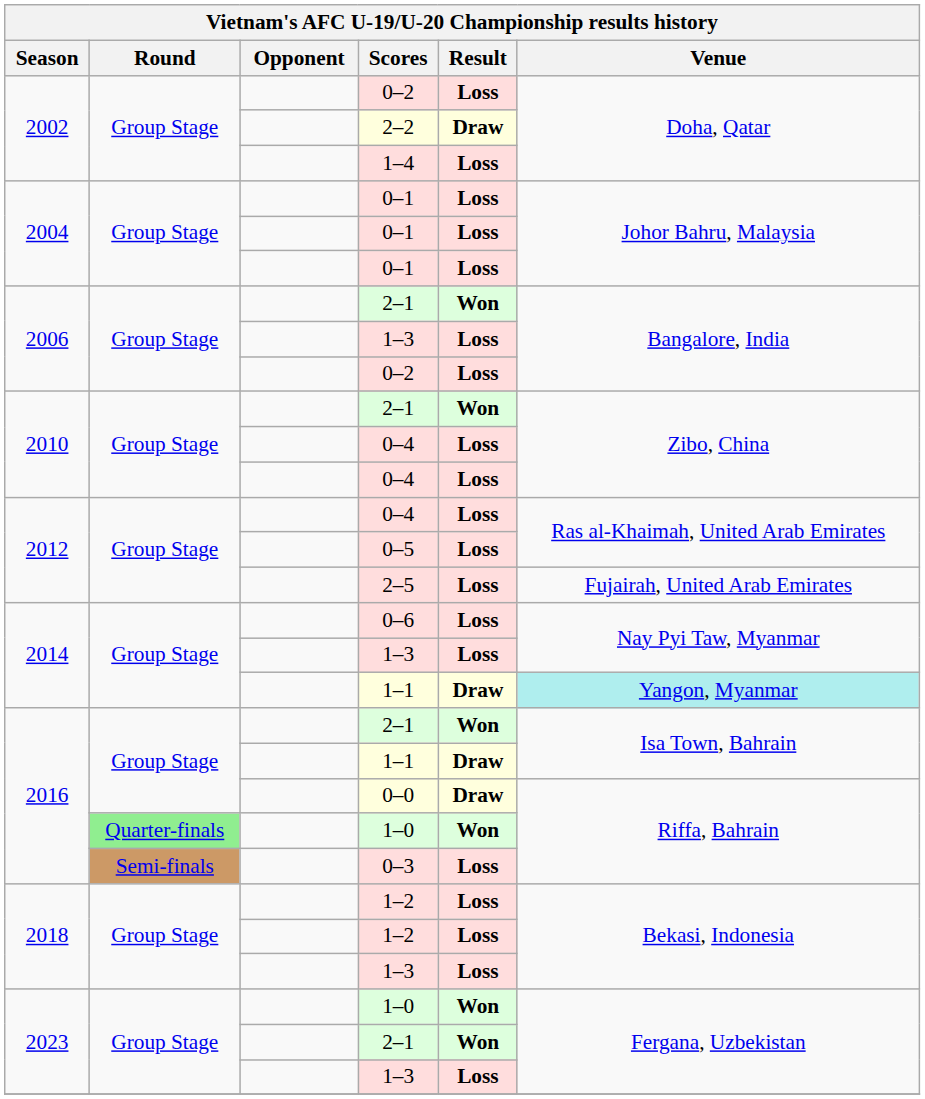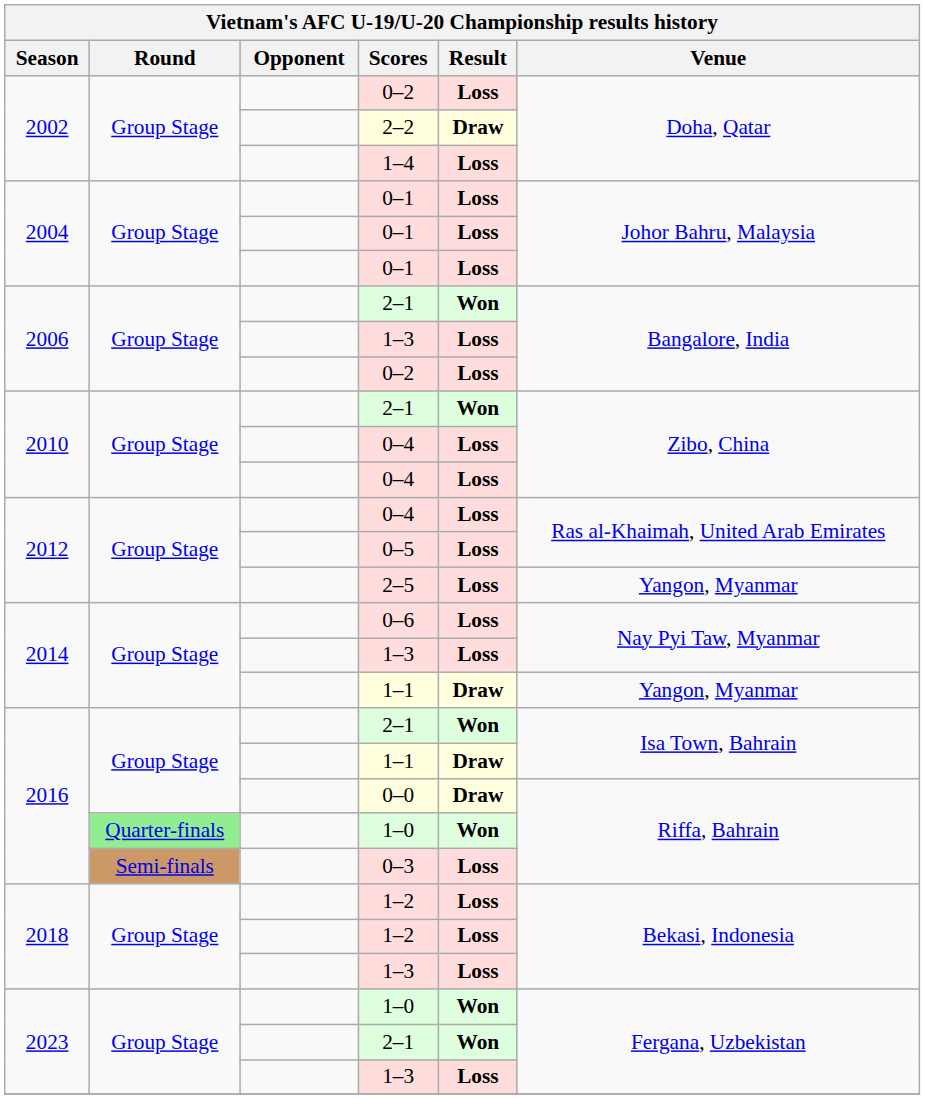 <table class="wikitable collapsible collapsed" style="text-align:center; font-size:90%; width:70%;">
 <tr>
 <th colspan="6">Vietnam's AFC U-19/U-20 Championship results history</th>
 </tr>
 <tr>
 <th>Season</th>
 <th>Round</th>
 <th>Opponent</th>
 <th>Scores</th>
 <th>Result</th>
 <th>Venue</th>
 </tr>
 <tr>
 <td rowspan=3><a href='#'>2002</a></td>
 <td rowspan=3><a href='#'>Group Stage</a></td>
 <td style="text-align:left"></td>
 <td style="background:#fdd;">0–2</td>
 <td style="background:#fdd;"><strong>Loss</strong></td>
 <td rowspan=3> <a href='#'>Doha</a>, <a href='#'>Qatar</a></td>
 </tr>
 <tr>
 <td style="text-align:left"></td>
 <td style="background:#ffd;">2–2</td>
 <td style="background:#ffd;"><strong>Draw</strong></td>
 </tr>
 <tr>
 <td style="text-align:left"></td>
 <td style="background:#fdd;">1–4</td>
 <td style="background:#fdd;"><strong>Loss</strong></td>
 </tr>
 <tr>
 <td rowspan=3><a href='#'>2004</a></td>
 <td rowspan=3><a href='#'>Group Stage</a></td>
 <td style="text-align:left"></td>
 <td style="background:#fdd;">0–1</td>
 <td style="background:#fdd;"><strong>Loss</strong></td>
 <td rowspan=3> <a href='#'>Johor Bahru</a>, <a href='#'>Malaysia</a></td>
 </tr>
 <tr>
 <td style="text-align:left"></td>
 <td style="background:#fdd;">0–1</td>
 <td style="background:#fdd;"><strong>Loss</strong></td>
 </tr>
 <tr>
 <td style="text-align:left"></td>
 <td style="background:#fdd;">0–1</td>
 <td style="background:#fdd;"><strong>Loss</strong></td>
 </tr>
 <tr>
 <td rowspan=3><a href='#'>2006</a></td>
 <td rowspan=3><a href='#'>Group Stage</a></td>
 <td style="text-align:left"></td>
 <td style="background:#dfd;">2–1</td>
 <td style="background:#dfd;"><strong>Won</strong></td>
 <td rowspan=3> <a href='#'>Bangalore</a>, <a href='#'>India</a></td>
 </tr>
 <tr>
 <td style="text-align:left"></td>
 <td style="background:#fdd;">1–3</td>
 <td style="background:#fdd;"><strong>Loss</strong></td>
 </tr>
 <tr>
 <td style="text-align:left"></td>
 <td style="background:#fdd;">0–2</td>
 <td style="background:#fdd;"><strong>Loss</strong></td>
 </tr>
 <tr>
 <td rowspan=3><a href='#'>2010</a></td>
 <td rowspan=3><a href='#'>Group Stage</a></td>
 <td style="text-align:left"></td>
 <td style="background:#dfd;">2–1</td>
 <td style="background:#dfd;"><strong>Won</strong></td>
 <td rowspan=3> <a href='#'>Zibo</a>, <a href='#'>China</a></td>
 </tr>
 <tr>
 <td style="text-align:left"></td>
 <td style="background:#fdd;">0–4</td>
 <td style="background:#fdd;"><strong>Loss</strong></td>
 </tr>
 <tr>
 <td style="text-align:left"></td>
 <td style="background:#fdd;">0–4</td>
 <td style="background:#fdd;"><strong>Loss</strong></td>
 </tr>
 <tr>
 <td rowspan=3><a href='#'>2012</a></td>
 <td rowspan=3><a href='#'>Group Stage</a></td>
 <td style="text-align:left"></td>
 <td style="background:#fdd;">0–4</td>
 <td style="background:#fdd;"><strong>Loss</strong></td>
 <td rowspan=2> <a href='#'>Ras al-Khaimah</a>, <a href='#'>United Arab Emirates</a></td>
 </tr>
 <tr>
 <td style="text-align:left"></td>
 <td style="background:#fdd;">0–5</td>
 <td style="background:#fdd;"><strong>Loss</strong></td>
 </tr>
 <tr>
 <td style="text-align:left"></td>
 <td style="background:#fdd;">2–5</td>
 <td style="background:#fdd;"><strong>Loss</strong></td>
-<td> <a href='#'>Fujairah</a>, <a href='#'>United Arab Emirates</a></td>
+<td> <a href='#'>Yangon</a>, <a href='#'>Myanmar</a></td>
 </tr>
 <tr>
 <td rowspan=3><a href='#'>2014</a></td>
 <td rowspan=3><a href='#'>Group Stage</a></td>
 <td style="text-align:left"></td>
 <td style="background:#fdd;">0–6</td>
 <td style="background:#fdd;"><strong>Loss</strong></td>
 <td rowspan=2> <a href='#'>Nay Pyi Taw</a>, <a href='#'>Myanmar</a></td>
 </tr>
 <tr>
 <td style="text-align:left"></td>
 <td style="background:#fdd;">1–3</td>
 <td style="background:#fdd;"><strong>Loss</strong></td>
 </tr>
 <tr>
 <td style="text-align:left"></td>
 <td style="background:#ffd;">1–1</td>
 <td style="background:#ffd;"><strong>Draw</strong></td>
-<td style="background: paleturquoise;"> <a href='#'>Yangon</a>, <a href='#'>Myanmar</a></td>
+<td> <a href='#'>Yangon</a>, <a href='#'>Myanmar</a></td>
 </tr>
 <tr>
 <td rowspan=5><a href='#'>2016</a></td>
 <td rowspan=3><a href='#'>Group Stage</a></td>
 <td style="text-align:left"></td>
 <td style="background:#dfd;">2–1</td>
 <td style="background:#dfd;"><strong>Won</strong></td>
 <td rowspan=2> <a href='#'>Isa Town</a>, <a href='#'>Bahrain</a></td>
 </tr>
 <tr>
 <td style="text-align:left"></td>
 <td style="background:#ffd;">1–1</td>
 <td style="background:#ffd;"><strong>Draw</strong></td>
 </tr>
 <tr>
 <td style="text-align:left"></td>
 <td style="background:#ffd;">0–0</td>
 <td style="background:#ffd;"><strong>Draw</strong></td>
 <td rowspan=3> <a href='#'>Riffa</a>, <a href='#'>Bahrain</a></td>
 </tr>
 <tr>
 <td rowspan=1 style="background: lightgreen;"><a href='#'>Quarter-finals</a></td>
 <td style="text-align:left"></td>
 <td style="background:#dfd;">1–0</td>
 <td style="background:#dfd;"><strong>Won</strong></td>
 </tr>
 <tr>
 <td rowspan=1 style="background-color:#cc9966;"><a href='#'>Semi-finals</a></td>
 <td style="text-align:left"></td>
 <td style="background:#fdd;">0–3</td>
 <td style="background:#fdd;"><strong>Loss</strong></td>
 </tr>
 <tr>
 <td rowspan=3><a href='#'>2018</a></td>
 <td rowspan=3><a href='#'>Group Stage</a></td>
 <td style="text-align:left"></td>
 <td style="background:#fdd;">1–2</td>
 <td style="background:#fdd;"><strong>Loss</strong></td>
 <td rowspan="3"> <a href='#'>Bekasi</a>, <a href='#'>Indonesia</a></td>
 </tr>
 <tr>
 <td style="text-align:left"></td>
 <td style="background:#fdd;">1–2</td>
 <td style="background:#fdd;"><strong>Loss</strong></td>
 </tr>
 <tr>
 <td style="text-align:left"></td>
 <td style="background:#fdd;">1–3</td>
 <td style="background:#fdd;"><strong>Loss</strong></td>
 </tr>
 <tr>
 <td rowspan=3><a href='#'>2023</a></td>
 <td rowspan=3><a href='#'>Group Stage</a></td>
 <td style="text-align:left"></td>
 <td style="background:#dfd">1–0</td>
 <td style="background:#dfd"><strong>Won</strong></td>
 <td rowspan="3"> <a href='#'>Fergana</a>, <a href='#'>Uzbekistan</a></td>
 </tr>
 <tr>
 <td style="text-align:left"></td>
 <td style="background:#dfd">2–1</td>
 <td style="background:#dfd"><strong>Won</strong></td>
 </tr>
 <tr>
 <td style="text-align:left"></td>
 <td style="background:#fdd;”">1–3</td>
 <td style="background:#fdd;”"><strong>Loss</strong></td>
 </tr>
 <tr>
 </tr>
 </table>
